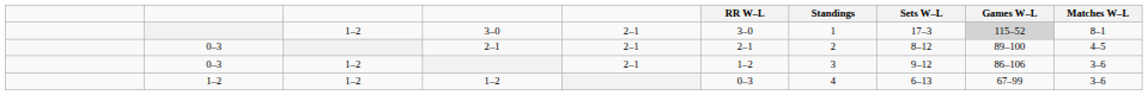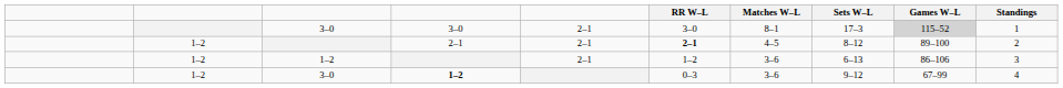 <table class="wikitable" style="width: 100%; text-align:center; font-size:90%">
 <tr>
 <td width=130></td>
 <td width=130></td>
 <td width=130></td>
 <td width=130></td>
 <td width=130></td>
 <th width=80>RR W–L</th>
-<th width=80>Standings</th>
+<th width=80>Matches W–L</th>
 <th width=80>Sets W–L</th>
 <th width=80>Games W–L</th>
-<th width=80>Matches W–L</th>
+<th width=80>Standings</th>
 </tr>
 <tr>
 <td style="text-align:left;"></td>
 <th bgcolor="ededed"></th>
-<td>1–2</td>
+<td>3–0</td>
 <td>3–0</td>
 <td>2–1</td>
 <td>3–0</td>
-<td>1</td>
+<td>8–1</td>
 <td>17–3</td>
 <td style="background: lightgrey;">115–52</td>
-<td>8–1</td>
+<td>1</td>
 </tr>
 <tr>
 <td style="text-align:left;"></td>
-<td>0–3</td>
+<td>1–2</td>
 <th bgcolor="ededed"></th>
 <td>2–1</td>
 <td>2–1</td>
-<td>2–1</td>
-<td>2</td>
+<td><strong>2–1</strong></td>
+<td>4–5</td>
 <td>8–12</td>
 <td>89–100</td>
-<td>4–5</td>
-</tr>
-<tr>
-<td style="text-align:left;"></td>
-<td>0–3</td>
-<td>1–2</td>
-<th bgcolor="ededed"></th>
-<td>2–1</td>
-<td>1–2</td>
-<td>3</td>
-<td>9–12</td>
-<td>86–106</td>
-<td>3–6</td>
+<td>2</td>
 </tr>
 <tr>
 <td style="text-align:left;"></td>
 <td>1–2</td>
 <td>1–2</td>
+<th bgcolor="ededed"></th>
+<td>2–1</td>
 <td>1–2</td>
+<td>3–6</td>
+<td>6–13</td>
+<td>86–106</td>
+<td>3</td>
+</tr>
+<tr>
+<td style="text-align:left;"></td>
+<td>1–2</td>
+<td>3–0</td>
+<td><strong>1–2</strong></td>
 <th bgcolor="ededed"></th>
 <td>0–3</td>
+<td>3–6</td>
+<td>9–12</td>
+<td>67–99</td>
 <td>4</td>
-<td>6–13</td>
-<td>67–99</td>
-<td>3–6</td>
 </tr>
 </table>
